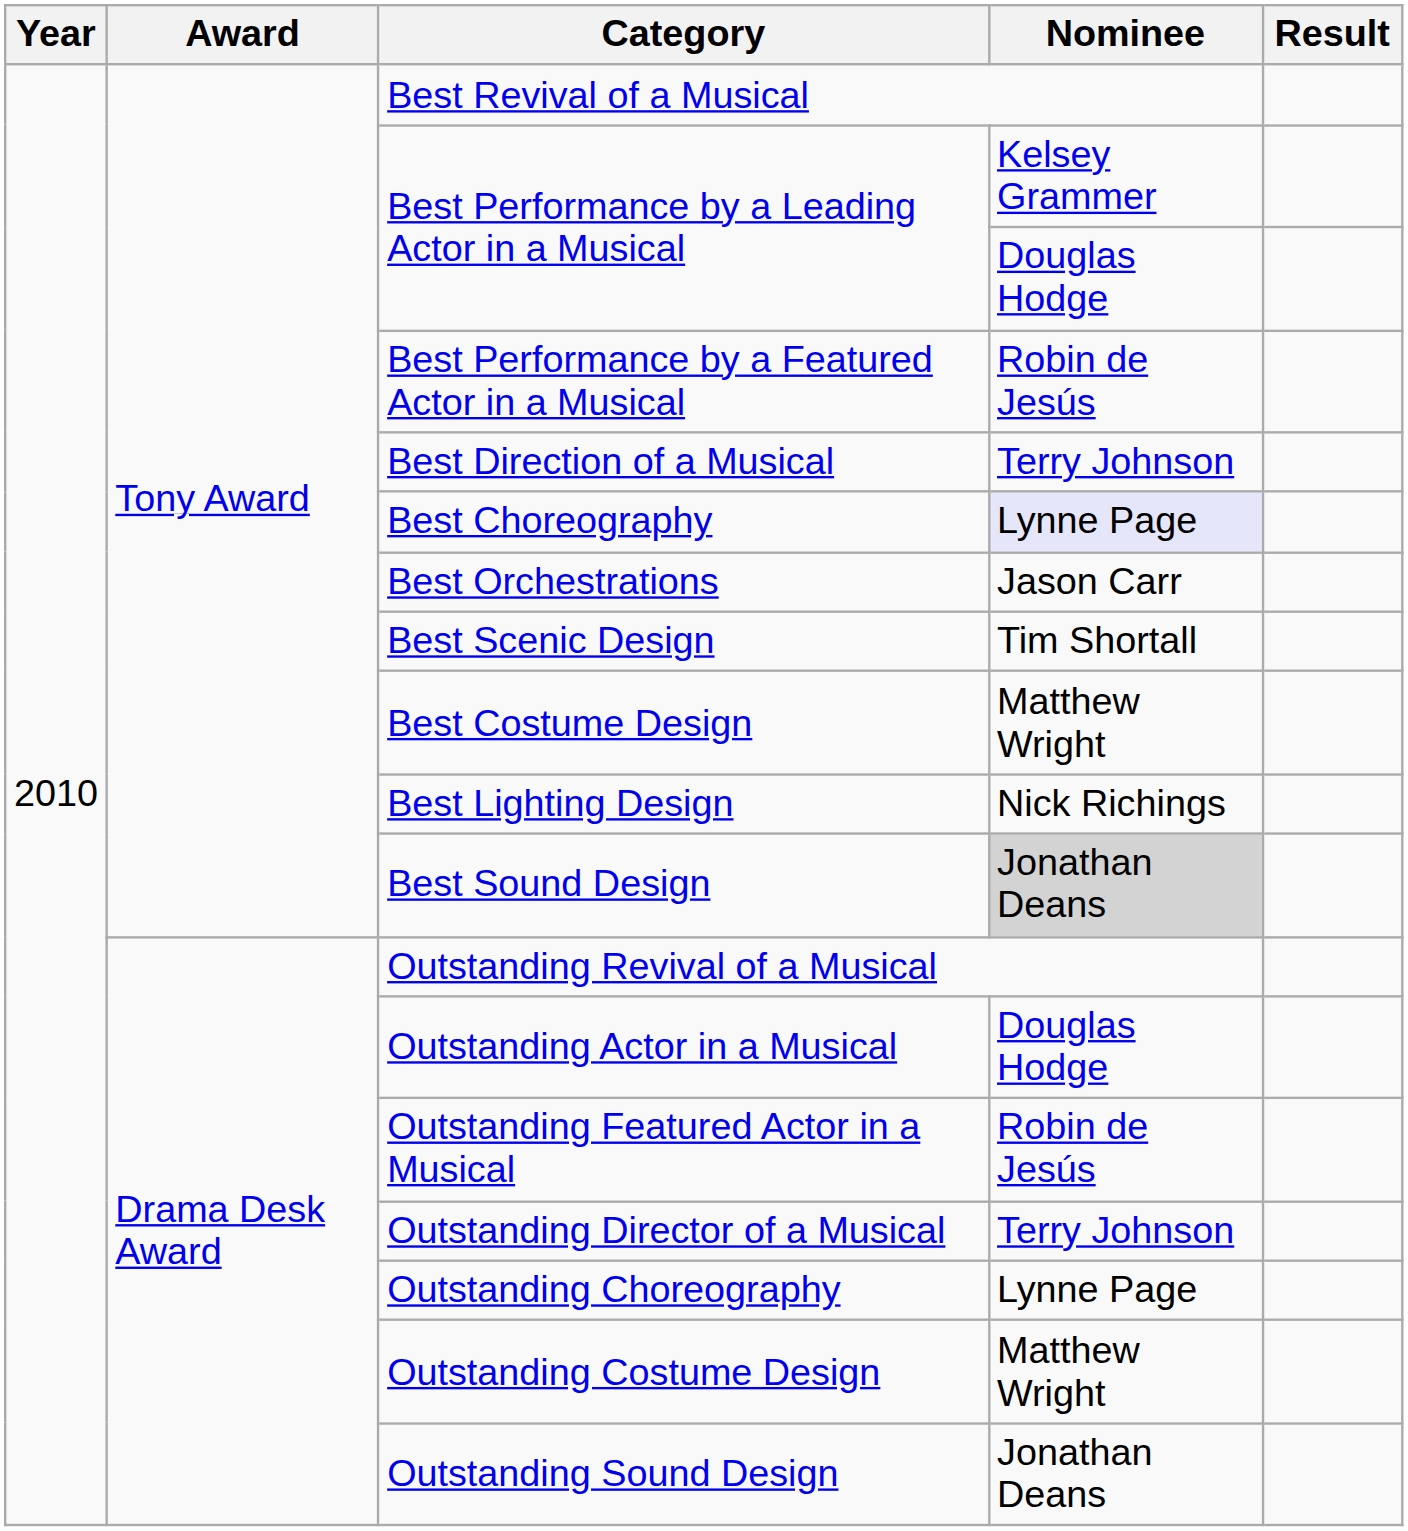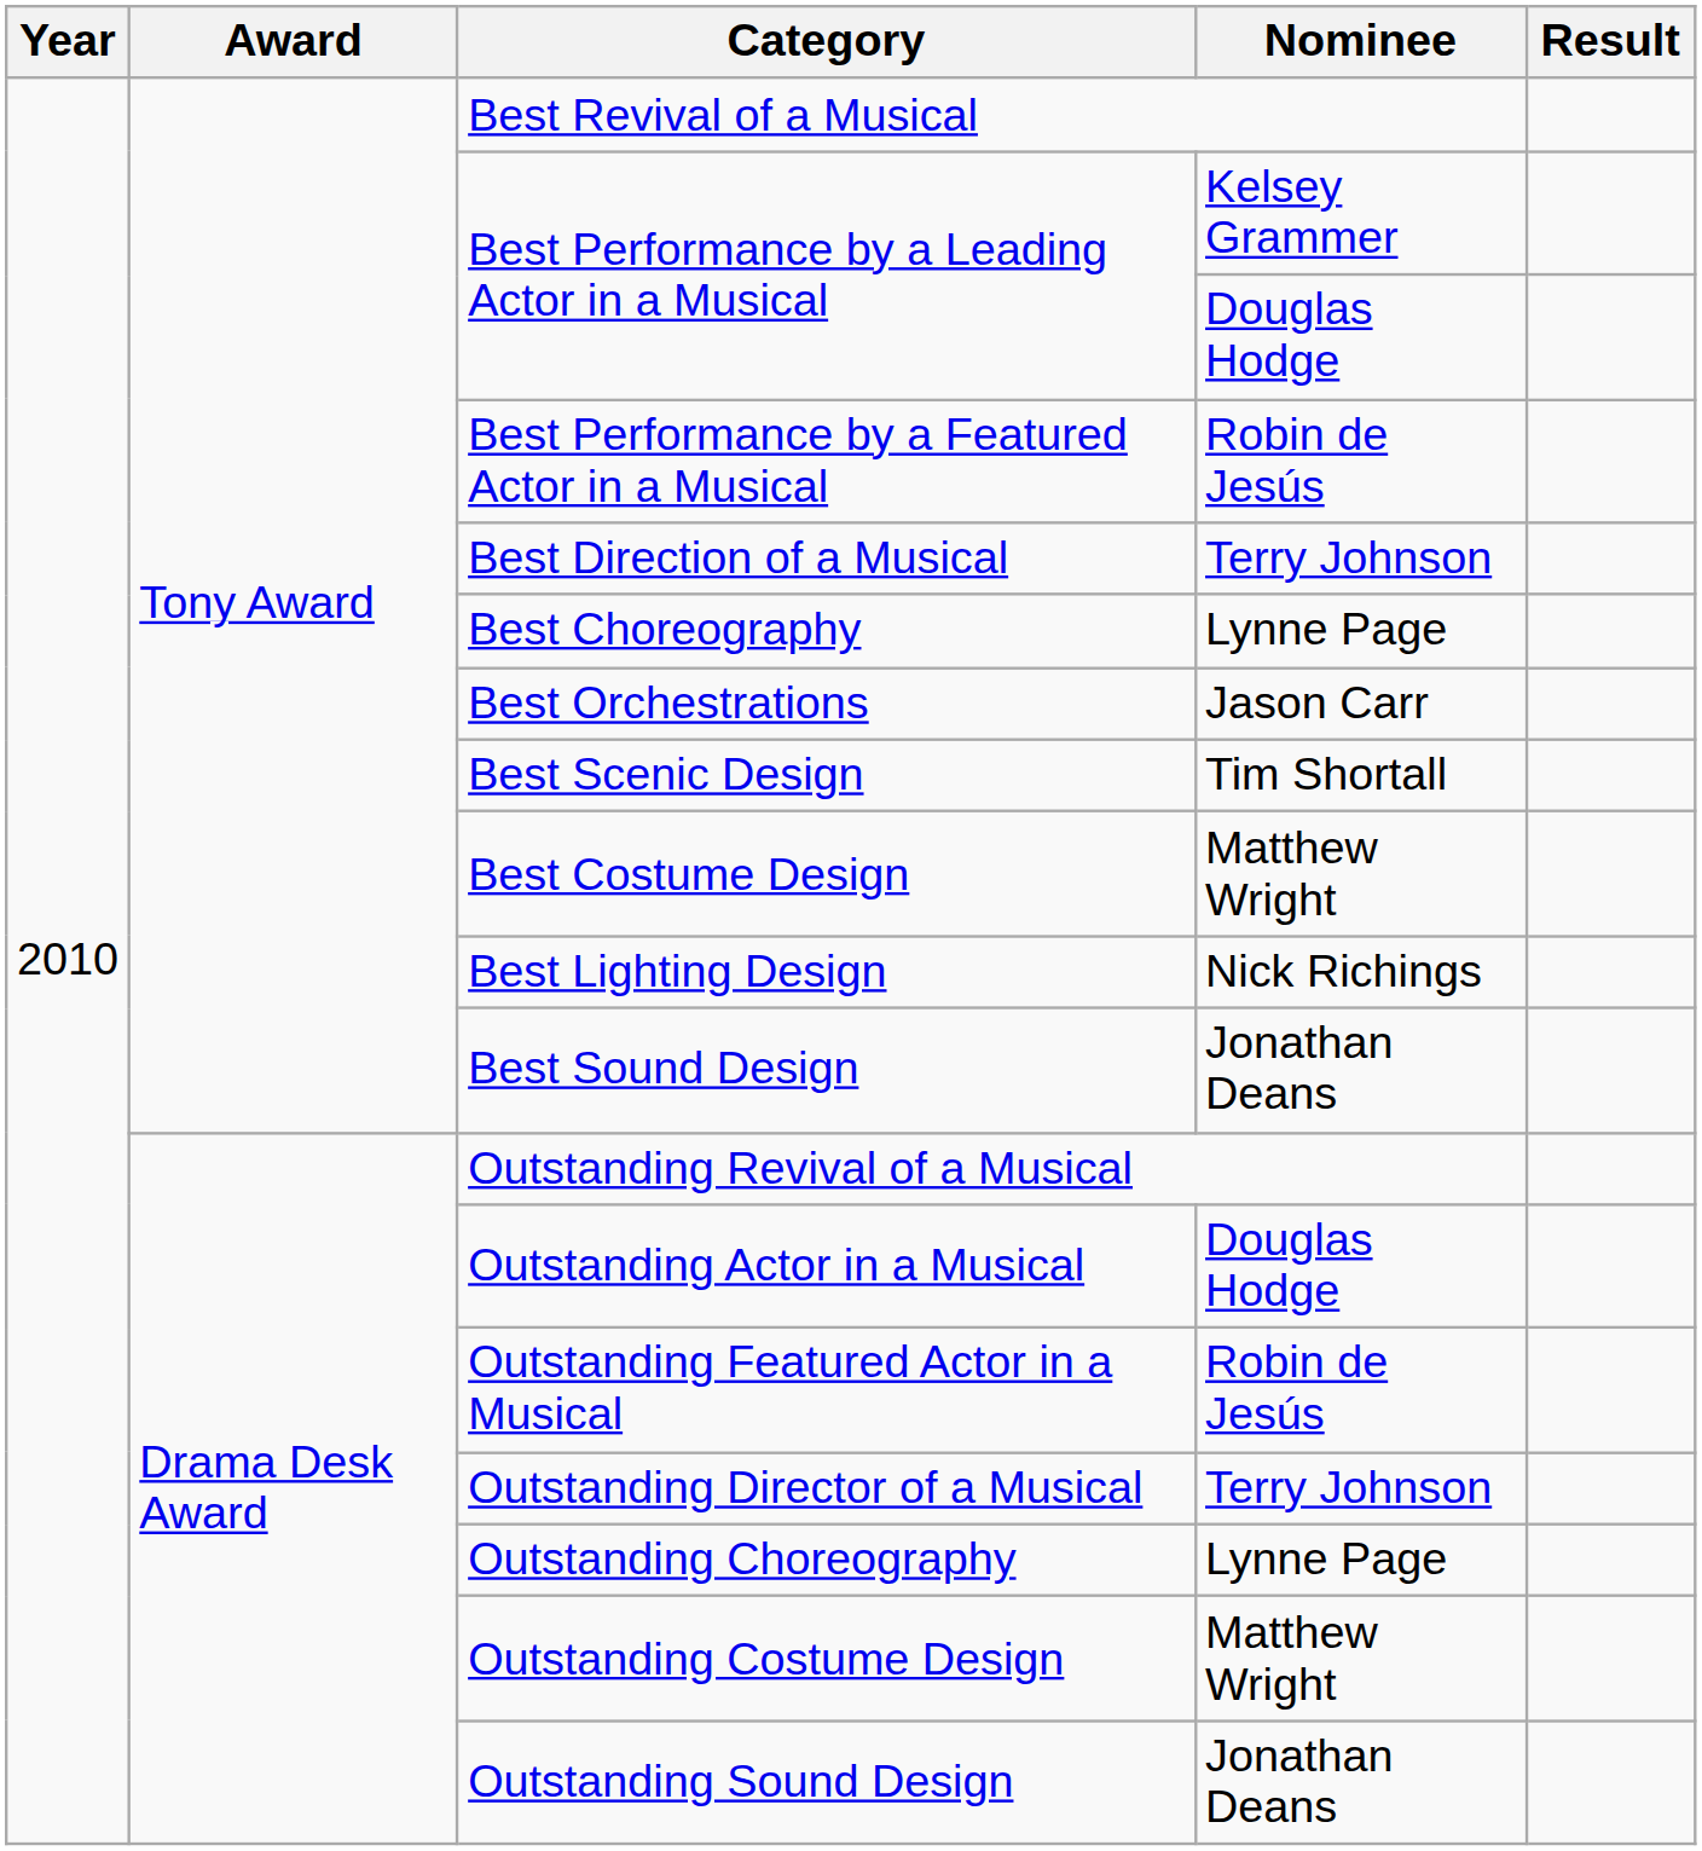 <table class="wikitable" width="95%">
 <tr>
 <th width="5%">Year</th>
 <th width="20%">Award</th>
 <th width="45%">Category</th>
 <th width="20%">Nominee</th>
 <th width="10%">Result</th>
 </tr>
 <tr>
 <td rowspan="18" align="center">2010</td>
 <td rowspan="11"><a href='#'>Tony Award</a></td>
 <td colspan="2"><a href='#'>Best Revival of a Musical</a></td>
 <td></td>
 </tr>
 <tr>
 <td rowspan="2"><a href='#'>Best Performance by a Leading Actor in a Musical</a></td>
 <td><a href='#'>Kelsey Grammer</a></td>
 <td></td>
 </tr>
 <tr>
 <td><a href='#'>Douglas Hodge</a></td>
 <td></td>
 </tr>
 <tr>
 <td><a href='#'>Best Performance by a Featured Actor in a Musical</a></td>
 <td><a href='#'>Robin de Jesús</a></td>
 <td></td>
 </tr>
 <tr>
 <td><a href='#'>Best Direction of a Musical</a></td>
 <td><a href='#'>Terry Johnson</a></td>
 <td></td>
 </tr>
 <tr>
 <td><a href='#'>Best Choreography</a></td>
-<td style="background: lavender;">Lynne Page</td>
+<td>Lynne Page</td>
 <td></td>
 </tr>
 <tr>
 <td><a href='#'>Best Orchestrations</a></td>
 <td>Jason Carr</td>
 <td></td>
 </tr>
 <tr>
 <td><a href='#'>Best Scenic Design</a></td>
 <td>Tim Shortall</td>
 <td></td>
 </tr>
 <tr>
 <td><a href='#'>Best Costume Design</a></td>
 <td>Matthew Wright</td>
 <td></td>
 </tr>
 <tr>
 <td><a href='#'>Best Lighting Design</a></td>
 <td>Nick Richings</td>
 <td></td>
 </tr>
 <tr>
 <td><a href='#'>Best Sound Design</a></td>
-<td style="background: lightgrey;">Jonathan Deans</td>
+<td>Jonathan Deans</td>
 <td></td>
 </tr>
 <tr>
 <td rowspan="7"><a href='#'>Drama Desk Award</a></td>
 <td colspan="2"><a href='#'>Outstanding Revival of a Musical</a></td>
 <td></td>
 </tr>
 <tr>
 <td><a href='#'>Outstanding Actor in a Musical</a></td>
 <td><a href='#'>Douglas Hodge</a></td>
 <td></td>
 </tr>
 <tr>
 <td><a href='#'>Outstanding Featured Actor in a Musical</a></td>
 <td><a href='#'>Robin de Jesús</a></td>
 <td></td>
 </tr>
 <tr>
 <td><a href='#'>Outstanding Director of a Musical</a></td>
 <td><a href='#'>Terry Johnson</a></td>
 <td></td>
 </tr>
 <tr>
 <td><a href='#'>Outstanding Choreography</a></td>
 <td>Lynne Page</td>
 <td></td>
 </tr>
 <tr>
 <td><a href='#'>Outstanding Costume Design</a></td>
 <td>Matthew Wright</td>
 <td></td>
 </tr>
 <tr>
 <td><a href='#'>Outstanding Sound Design</a></td>
 <td>Jonathan Deans</td>
 <td></td>
 </tr>
 </table>
